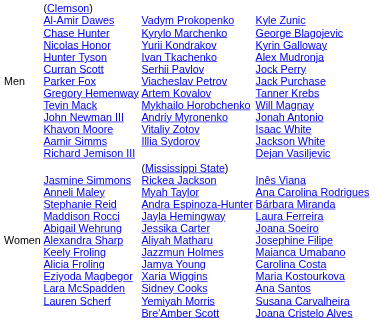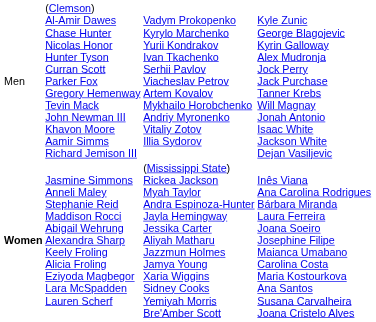 <table>
 <tr>
 <td>Men<br></td>
 <td> (<a href='#'>Clemson</a>)<br><a href='#'>Al-Amir Dawes</a><br><a href='#'>Chase Hunter</a><br><a href='#'>Nicolas Honor</a><br><a href='#'>Hunter Tyson</a><br><a href='#'>Curran Scott</a><br><a href='#'>Parker Fox</a><br><a href='#'>Gregory Hemenway</a><br><a href='#'>Tevin Mack</a><br><a href='#'>John Newman III</a><br><a href='#'>Khavon Moore</a><br><a href='#'>Aamir Simms</a><br> <a href='#'>Richard Jemison III</a></td>
 <td><br><a href='#'>Vadym Prokopenko</a><br><a href='#'>Kyrylo Marchenko</a><br><a href='#'>Yurii Kondrakov</a><br><a href='#'>Ivan Tkachenko</a><br><a href='#'>Serhii Pavlov</a><br><a href='#'>Viacheslav Petrov</a><br><a href='#'>Artem Kovalov</a><br><a href='#'>Mykhailo Horobchenko</a><br><a href='#'>Andriy Myronenko</a><br><a href='#'>Vitaliy Zotov</a><br><a href='#'>Illia Sydorov</a><br> <br></td>
 <td><br><a href='#'>Kyle Zunic</a><br><a href='#'>George Blagojevic</a><br><a href='#'>Kyrin Galloway</a><br><a href='#'>Alex Mudronja</a><br><a href='#'>Jock Perry</a><br><a href='#'>Jack Purchase</a><br><a href='#'>Tanner Krebs</a><br><a href='#'>Will Magnay</a><br><a href='#'>Jonah Antonio</a><br><a href='#'>Isaac White</a><br><a href='#'>Jackson White</a><br> <a href='#'>Dejan Vasiljevic</a></td>
 </tr>
 <tr>
-<td>Women<br></td>
+<td><strong>Women<br></strong></td>
 <td><br><a href='#'>Jasmine Simmons</a><br><a href='#'>Anneli Maley</a><br><a href='#'>Stephanie Reid</a><br><a href='#'>Maddison Rocci</a><br><a href='#'>Abigail Wehrung</a><br><a href='#'>Alexandra Sharp</a><br><a href='#'>Keely Froling</a><br><a href='#'>Alicia Froling</a><br><a href='#'>Eziyoda Magbegor</a><br><a href='#'>Lara McSpadden</a><br><a href='#'>Lauren Scherf</a><br>  <br></td>
 <td> (<a href='#'>Mississippi State</a>)<br><a href='#'>Rickea Jackson</a><br><a href='#'>Myah Taylor</a><br><a href='#'>Andra Espinoza-Hunter</a><br><a href='#'>Jayla Hemingway</a><br><a href='#'>Jessika Carter</a><br><a href='#'>Aliyah Matharu</a><br><a href='#'>Jazzmun Holmes</a><br><a href='#'>Jamya Young</a><br><a href='#'>Xaria Wiggins</a><br><a href='#'>Sidney Cooks</a><br><a href='#'>Yemiyah Morris</a><br> <a href='#'>Bre'Amber Scott</a></td>
 <td><br><a href='#'>Inês Viana</a><br><a href='#'>Ana Carolina Rodrigues</a><br><a href='#'>Bárbara Miranda</a><br><a href='#'>Laura Ferreira</a><br><a href='#'>Joana Soeiro</a><br><a href='#'>Josephine Filipe</a><br><a href='#'>Maianca Umabano</a><br><a href='#'>Carolina Costa</a><br><a href='#'>Maria Kostourkova</a><br><a href='#'>Ana Santos</a><br><a href='#'>Susana Carvalheira</a><br><a href='#'>Joana Cristelo Alves</a></td>
 </tr>
 </table>
